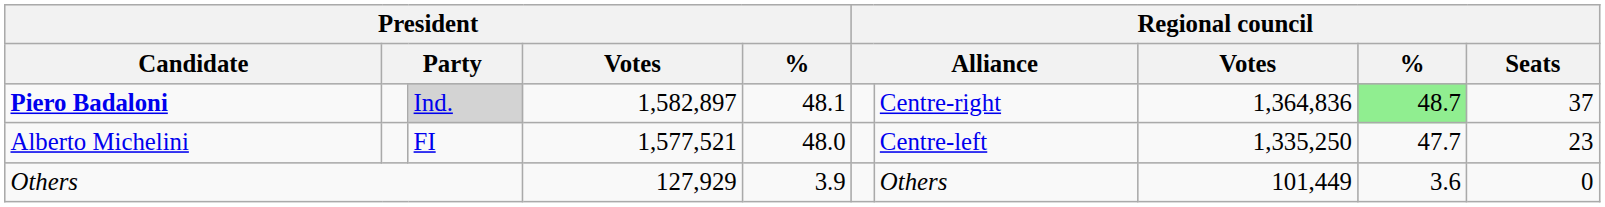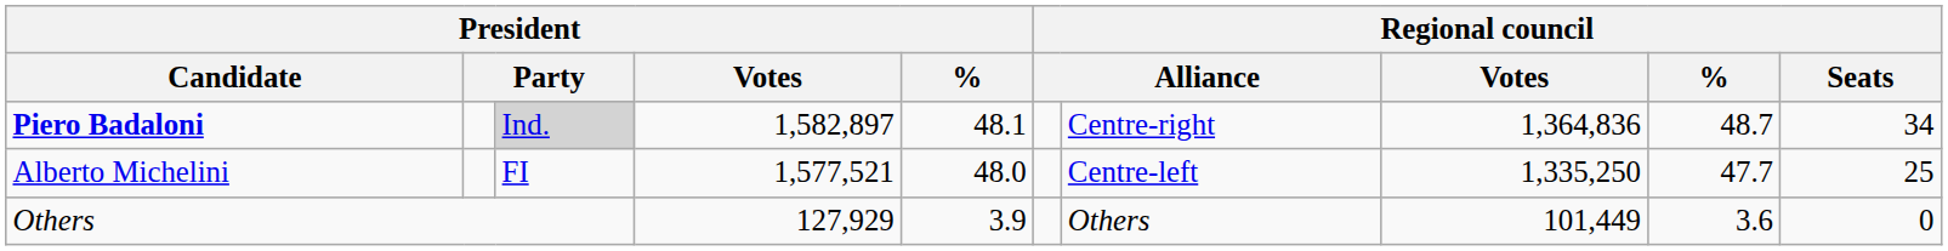 <table class="wikitable" style="text-align:right; style="width=65%">
 <tr>
 <th colspan="5">President</th>
 <th colspan="7">Regional council</th>
 </tr>
 <tr>
 <th>Candidate</th>
 <th colspan="2">Party</th>
 <th>Votes</th>
 <th>%</th>
 <th colspan="2">Alliance</th>
 <th>Votes</th>
 <th>%</th>
 <th>Seats</th>
 </tr>
 <tr>
 <td style="text-align:left"><strong><a href='#'>Piero Badaloni</a></strong></td>
 <td></td>
 <td style="background: lightgrey; text-align:left"><a href='#'>Ind.</a></td>
 <td>1,582,897</td>
 <td>48.1</td>
 <td></td>
 <td style="text-align:left"><a href='#'>Centre-right</a></td>
 <td>1,364,836</td>
-<td style="background: lightgreen;">48.7</td>
-<td>37</td>
+<td>48.7</td>
+<td>34</td>
 </tr>
 <tr>
 <td style="text-align:left"><a href='#'>Alberto Michelini</a></td>
 <td></td>
 <td style="text-align:left"><a href='#'>FI</a></td>
 <td>1,577,521</td>
 <td>48.0</td>
 <td></td>
 <td style="text-align:left"><a href='#'>Centre-left</a></td>
 <td>1,335,250</td>
 <td>47.7</td>
-<td>23</td>
+<td>25</td>
 </tr>
 <tr>
 <td colspan="3" style="text-align:left"><em>Others</em></td>
 <td>127,929</td>
 <td>3.9</td>
 <td></td>
 <td style="text-align:left"><em>Others</em></td>
 <td>101,449</td>
 <td>3.6</td>
 <td>0</td>
 </tr>
 </table>
